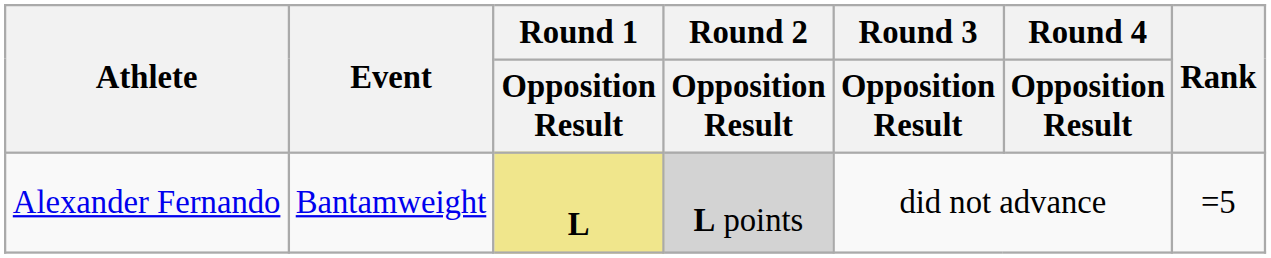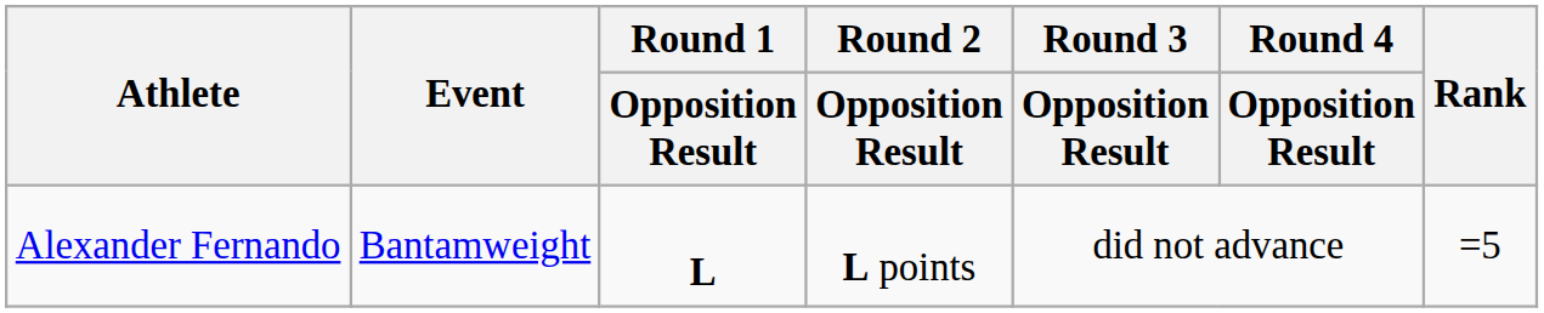 <table class="wikitable" style="font-size:90%">
 <tr>
 <th rowspan=2>Athlete</th>
 <th rowspan=2>Event</th>
 <th>Round 1</th>
 <th>Round 2</th>
 <th>Round 3</th>
 <th>Round 4</th>
 <th rowspan=2>Rank</th>
 </tr>
 <tr style=font-size: 95%>
 <th>Opposition<br>Result</th>
 <th>Opposition<br>Result</th>
 <th>Opposition<br>Result</th>
 <th>Opposition<br>Result</th>
 </tr>
 <tr align=center>
 <td align=left><a href='#'>Alexander Fernando</a></td>
 <td align=left rowspan=2><a href='#'>Bantamweight</a></td>
-<td style="background: khaki;"><br><strong>L</strong> <sup></sup></td>
-<td style="background: lightgrey;"><br><strong>L</strong> points</td>
+<td><br><strong>L</strong> <sup></sup></td>
+<td><br><strong>L</strong> points</td>
 <td colspan=2>did not advance</td>
 <td>=5</td>
 </tr>
 </table>
